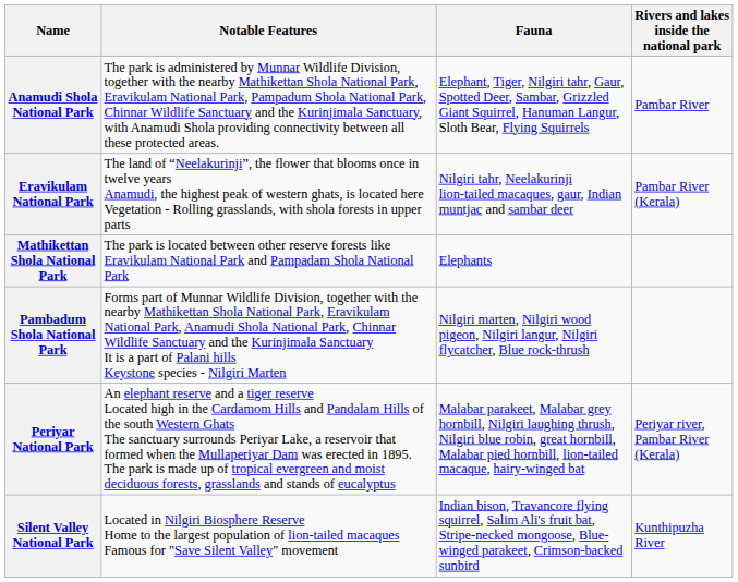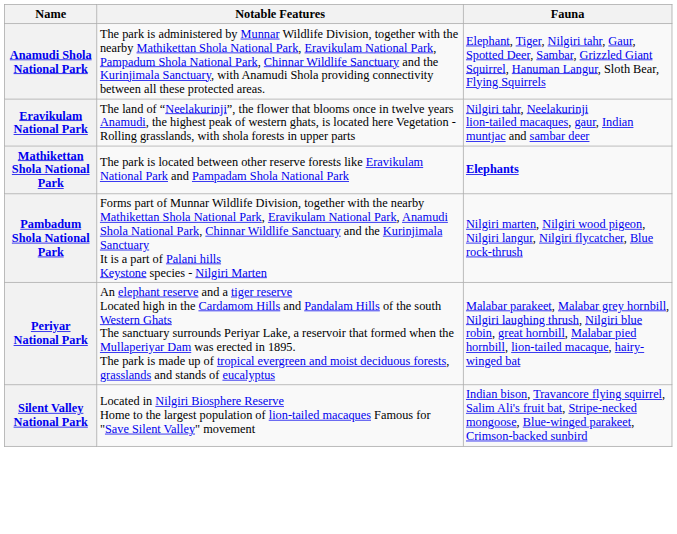 <table class="wikitable sortable">
 <tr>
 <th>Name</th>
 <th>Notable Features</th>
 <th>Fauna</th>
-<th>Rivers and lakes inside the national park</th>
 </tr>
 <tr>
 <th><a href='#'>Anamudi Shola National Park</a></th>
 <td>The park is administered by <a href='#'>Munnar</a> Wildlife Division, together with the nearby <a href='#'>Mathikettan Shola National Park</a>, <a href='#'>Eravikulam National Park</a>, <a href='#'>Pampadum Shola National Park</a>, <a href='#'>Chinnar Wildlife Sanctuary</a> and the <a href='#'>Kurinjimala Sanctuary</a>, with Anamudi Shola providing connectivity between all these protected areas.</td>
 <td><a href='#'>Elephant</a>, <a href='#'>Tiger</a>, <a href='#'>Nilgiri tahr</a>, <a href='#'>Gaur</a>, <a href='#'>Spotted Deer</a>, <a href='#'>Sambar</a>, <a href='#'>Grizzled Giant Squirrel</a>, <a href='#'>Hanuman Langur</a>, Sloth Bear, <a href='#'>Flying Squirrels</a></td>
-<td><a href='#'>Pambar River</a></td>
 </tr>
 <tr>
 <th><a href='#'>Eravikulam National Park</a></th>
 <td>The land of “<a href='#'>Neelakurinji</a>”, the flower that blooms once in twelve years<br><a href='#'>Anamudi</a>, the highest peak of western ghats, is located here Vegetation - Rolling grasslands, with shola forests in upper parts</td>
 <td><a href='#'>Nilgiri tahr</a>, <a href='#'>Neelakurinji</a><br><a href='#'>lion-tailed macaques</a>, <a href='#'>gaur</a>, <a href='#'>Indian muntjac</a> and <a href='#'>sambar deer</a></td>
-<td><a href='#'>Pambar River (Kerala)</a></td>
 </tr>
 <tr>
 <th><a href='#'>Mathikettan Shola National Park</a></th>
 <td>The park is located between other reserve forests like <a href='#'>Eravikulam National Park</a> and <a href='#'>Pampadam Shola National Park</a></td>
-<td><a href='#'>Elephants</a></td>
-<td></td>
+<td><strong><a href='#'>Elephants</a></strong></td>
 </tr>
 <tr>
 <th><a href='#'>Pambadum Shola National Park</a></th>
 <td>Forms part of Munnar Wildlife Division, together with the nearby <a href='#'>Mathikettan Shola National Park</a>, <a href='#'>Eravikulam National Park</a>, <a href='#'>Anamudi Shola National Park</a>, <a href='#'>Chinnar Wildlife Sanctuary</a> and the <a href='#'>Kurinjimala Sanctuary</a><br>It is a part of <a href='#'>Palani hills</a><br><a href='#'>Keystone</a> species - <a href='#'>Nilgiri Marten</a></td>
 <td><a href='#'>Nilgiri marten</a>, <a href='#'>Nilgiri wood pigeon</a>, <a href='#'>Nilgiri langur</a>, <a href='#'>Nilgiri flycatcher</a>, <a href='#'>Blue rock-thrush</a></td>
-<td></td>
 </tr>
 <tr>
 <th><a href='#'>Periyar National Park</a></th>
 <td>An <a href='#'>elephant reserve</a> and a <a href='#'>tiger reserve</a><br>Located high in the <a href='#'>Cardamom Hills</a> and <a href='#'>Pandalam Hills</a> of the south <a href='#'>Western Ghats</a><br>The sanctuary surrounds Periyar Lake, a reservoir that formed when the <a href='#'>Mullaperiyar Dam</a> was erected in 1895.<br>The park is made up of <a href='#'>tropical evergreen and moist deciduous forests</a>, <a href='#'>grasslands</a> and stands of <a href='#'>eucalyptus</a></td>
 <td><a href='#'>Malabar parakeet</a>, <a href='#'>Malabar grey hornbill</a>, <a href='#'>Nilgiri laughing thrush</a>, <a href='#'>Nilgiri blue robin</a>, <a href='#'>great hornbill</a>, <a href='#'>Malabar pied hornbill</a>, <a href='#'>lion-tailed macaque</a>, <a href='#'>hairy-winged bat</a></td>
-<td><a href='#'>Periyar river</a>, <a href='#'>Pambar River (Kerala)</a></td>
 </tr>
 <tr>
 <th><a href='#'>Silent Valley National Park</a></th>
 <td>Located in <a href='#'>Nilgiri Biosphere Reserve</a><br>Home to the largest population of <a href='#'>lion-tailed macaques</a> Famous for "<a href='#'>Save Silent Valley</a>" movement</td>
 <td><a href='#'>Indian bison</a>, <a href='#'>Travancore flying squirrel</a>, <a href='#'>Salim Ali's fruit bat</a>, <a href='#'>Stripe-necked mongoose</a>, <a href='#'>Blue-winged parakeet</a>, <a href='#'>Crimson-backed sunbird</a></td>
-<td><a href='#'>Kunthipuzha River</a></td>
 </tr>
 </table>
